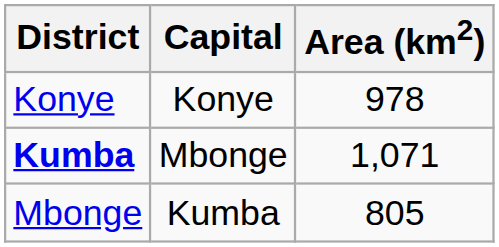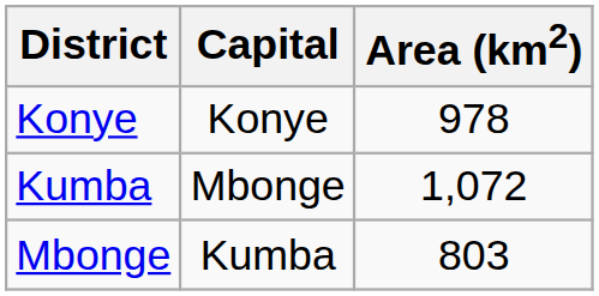 <table class="wikitable sortable">
 <tr>
 <th align="left">District</th>
 <th>Capital</th>
 <th>Area (km<sup>2</sup>)</th>
 </tr>
 <tr>
 <td align="left"><a href='#'>Konye</a></td>
 <td align="center">Konye</td>
 <td align="center">978</td>
 </tr>
 <tr>
-<td align="left"><strong><a href='#'>Kumba</a></strong></td>
+<td align="left"><a href='#'>Kumba</a></td>
 <td align="center">Mbonge</td>
-<td align="center">1,071</td>
+<td align="center">1,072</td>
 </tr>
 <tr>
 <td align="left"><a href='#'>Mbonge</a></td>
 <td align="center">Kumba</td>
-<td align="center">805</td>
+<td align="center">803</td>
 </tr>
 </table>
